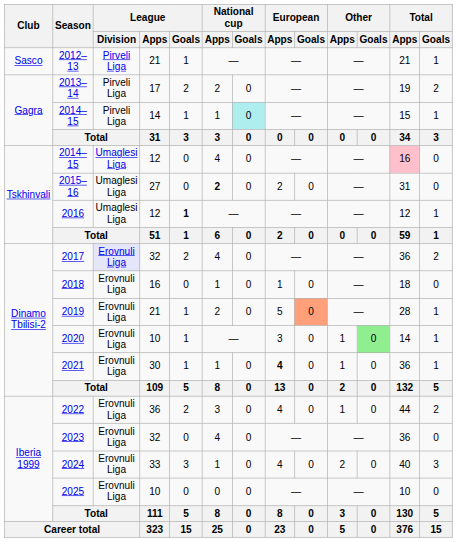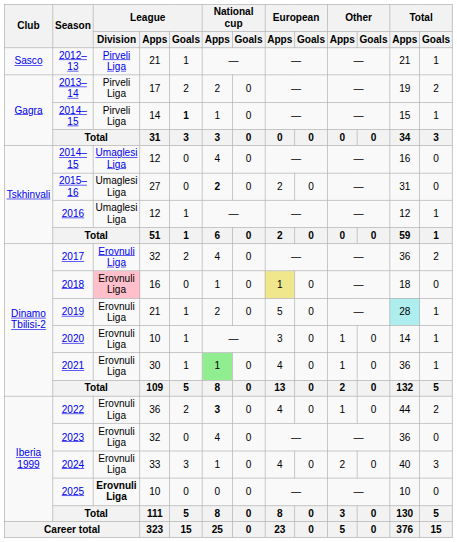 <table class="wikitable" style="text-align:center">
 <tr>
 <th rowspan="2">Club</th>
 <th rowspan="2">Season</th>
 <th colspan="3">League</th>
 <th colspan="2">National cup</th>
 <th colspan="2">European</th>
 <th colspan="2">Other</th>
 <th colspan="2">Total</th>
 </tr>
 <tr>
 <th>Division</th>
 <th>Apps</th>
 <th>Goals</th>
 <th>Apps</th>
 <th>Goals</th>
 <th>Apps</th>
 <th>Goals</th>
 <th>Apps</th>
 <th>Goals</th>
 <th>Apps</th>
 <th>Goals</th>
 </tr>
 <tr>
 <td><a href='#'>Sasco</a></td>
 <td><a href='#'>2012–13</a></td>
 <td><a href='#'>Pirveli Liga</a></td>
 <td>21</td>
 <td>1</td>
 <td colspan="2">—</td>
 <td colspan="2">—</td>
 <td colspan="2">—</td>
 <td>21</td>
 <td>1</td>
 </tr>
 <tr>
 <td rowspan="3"><a href='#'>Gagra</a></td>
 <td><a href='#'>2013–14</a></td>
 <td>Pirveli Liga</td>
 <td>17</td>
 <td>2</td>
 <td>2</td>
 <td>0</td>
 <td colspan="2">—</td>
 <td colspan="2">—</td>
 <td>19</td>
 <td>2</td>
 </tr>
 <tr>
 <td><a href='#'>2014–15</a></td>
 <td>Pirveli Liga</td>
 <td>14</td>
+<td><strong>1</strong></td>
 <td>1</td>
-<td>1</td>
-<td style="background: paleturquoise;">0</td>
+<td>0</td>
 <td colspan="2">—</td>
 <td colspan="2">—</td>
 <td>15</td>
 <td>1</td>
 </tr>
 <tr>
 <th colspan="2">Total</th>
 <th>31</th>
 <th>3</th>
 <th>3</th>
 <th>0</th>
 <th>0</th>
 <th>0</th>
 <th>0</th>
 <th>0</th>
 <th>34</th>
 <th>3</th>
 </tr>
 <tr>
 <td rowspan="4"><a href='#'>Tskhinvali</a></td>
 <td><a href='#'>2014–15</a></td>
 <td><a href='#'>Umaglesi Liga</a></td>
 <td>12</td>
 <td>0</td>
 <td>4</td>
 <td>0</td>
 <td colspan="2">—</td>
 <td colspan="2">—</td>
-<td style="background: pink;">16</td>
+<td>16</td>
 <td>0</td>
 </tr>
 <tr>
 <td><a href='#'>2015–16</a></td>
 <td>Umaglesi Liga</td>
 <td>27</td>
 <td>0</td>
 <td><strong>2</strong></td>
 <td>0</td>
 <td>2</td>
 <td>0</td>
 <td colspan="2">—</td>
 <td>31</td>
 <td>0</td>
 </tr>
 <tr>
 <td><a href='#'>2016</a></td>
 <td>Umaglesi Liga</td>
 <td>12</td>
-<td><strong>1</strong></td>
+<td>1</td>
 <td colspan="2">—</td>
 <td colspan="2">—</td>
 <td colspan="2">—</td>
 <td>12</td>
 <td>1</td>
 </tr>
 <tr>
 <th colspan="2">Total</th>
 <th>51</th>
 <th>1</th>
 <th>6</th>
 <th>0</th>
 <th>2</th>
 <th>0</th>
 <th>0</th>
 <th>0</th>
 <th>59</th>
 <th>1</th>
 </tr>
 <tr>
 <td rowspan="6"><a href='#'>Dinamo Tbilisi-2</a></td>
 <td><a href='#'>2017</a></td>
-<td style="background: lavender;"><a href='#'>Erovnuli Liga</a></td>
+<td><a href='#'>Erovnuli Liga</a></td>
 <td>32</td>
 <td>2</td>
 <td>4</td>
 <td>0</td>
 <td colspan="2">—</td>
 <td colspan="2">—</td>
 <td>36</td>
 <td>2</td>
 </tr>
 <tr>
 <td><a href='#'>2018</a></td>
-<td>Erovnuli Liga</td>
+<td style="background: pink;">Erovnuli Liga</td>
 <td>16</td>
 <td>0</td>
 <td>1</td>
 <td>0</td>
-<td>1</td>
+<td style="background: khaki;">1</td>
 <td>0</td>
 <td colspan="2">—</td>
 <td>18</td>
 <td>0</td>
 </tr>
 <tr>
 <td><a href='#'>2019</a></td>
 <td>Erovnuli Liga</td>
 <td>21</td>
 <td>1</td>
 <td>2</td>
 <td>0</td>
 <td>5</td>
-<td style="background: lightsalmon;">0</td>
+<td>0</td>
 <td colspan="2">—</td>
-<td>28</td>
+<td style="background: paleturquoise;">28</td>
 <td>1</td>
 </tr>
 <tr>
 <td><a href='#'>2020</a></td>
 <td>Erovnuli Liga</td>
 <td>10</td>
 <td>1</td>
 <td colspan="2">—</td>
 <td>3</td>
 <td>0</td>
 <td>1</td>
-<td style="background: lightgreen;">0</td>
+<td>0</td>
 <td>14</td>
 <td>1</td>
 </tr>
 <tr>
 <td><a href='#'>2021</a></td>
 <td>Erovnuli Liga</td>
 <td>30</td>
 <td>1</td>
-<td>1</td>
+<td style="background: lightgreen;">1</td>
 <td>0</td>
-<td><strong>4</strong></td>
+<td>4</td>
 <td>0</td>
 <td>1</td>
 <td>0</td>
 <td>36</td>
 <td>1</td>
 </tr>
 <tr>
 <th colspan="2">Total</th>
 <th>109</th>
 <th>5</th>
 <th>8</th>
 <th>0</th>
 <th>13</th>
 <th>0</th>
 <th>2</th>
 <th>0</th>
 <th>132</th>
 <th>5</th>
 </tr>
 <tr>
 <td rowspan="5"><a href='#'>Iberia 1999</a></td>
 <td><a href='#'>2022</a></td>
 <td>Erovnuli Liga</td>
 <td>36</td>
 <td>2</td>
-<td>3</td>
+<td><strong>3</strong></td>
 <td>0</td>
 <td>4</td>
 <td>0</td>
 <td>1</td>
 <td>0</td>
 <td>44</td>
 <td>2</td>
 </tr>
 <tr>
 <td><a href='#'>2023</a></td>
 <td>Erovnuli Liga</td>
 <td>32</td>
 <td>0</td>
 <td>4</td>
 <td>0</td>
 <td colspan="2">—</td>
 <td colspan="2">—</td>
 <td>36</td>
 <td>0</td>
 </tr>
 <tr>
 <td><a href='#'>2024</a></td>
 <td>Erovnuli Liga</td>
 <td>33</td>
 <td>3</td>
 <td>1</td>
 <td>0</td>
 <td>4</td>
 <td>0</td>
 <td>2</td>
 <td>0</td>
 <td>40</td>
 <td>3</td>
 </tr>
 <tr>
 <td><a href='#'>2025</a></td>
-<td>Erovnuli Liga</td>
+<td><strong>Erovnuli Liga</strong></td>
 <td>10</td>
 <td>0</td>
 <td>0</td>
 <td>0</td>
 <td colspan="2">—</td>
 <td colspan="2">—</td>
 <td>10</td>
 <td>0</td>
 </tr>
 <tr>
 <th colspan="2">Total</th>
 <th>111</th>
 <th>5</th>
 <th>8</th>
 <th>0</th>
 <th>8</th>
 <th>0</th>
 <th>3</th>
 <th>0</th>
 <th>130</th>
 <th>5</th>
 </tr>
 <tr>
 <th colspan="3">Career total</th>
 <th>323</th>
 <th>15</th>
 <th>25</th>
 <th>0</th>
 <th>23</th>
 <th>0</th>
 <th>5</th>
 <th>0</th>
 <th>376</th>
 <th>15</th>
 </tr>
 </table>
